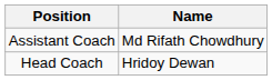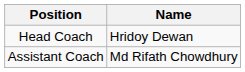 <table class="wikitable" style="text-align:center;margin-left:1em;float:center">
 <tr>
 <th>Position</th>
 <th>Name</th>
 </tr>
 <tr>
+<td>Head Coach</td>
+<td style="text-align:left"> Hridoy Dewan</td>
+</tr>
+<tr>
 <td>Assistant Coach</td>
 <td style="text-align:left"> Md Rifath Chowdhury</td>
 </tr>
-<tr>
-<td>Head Coach</td>
-<td style="text-align:left"> Hridoy Dewan</td>
-</tr>
 </table>
